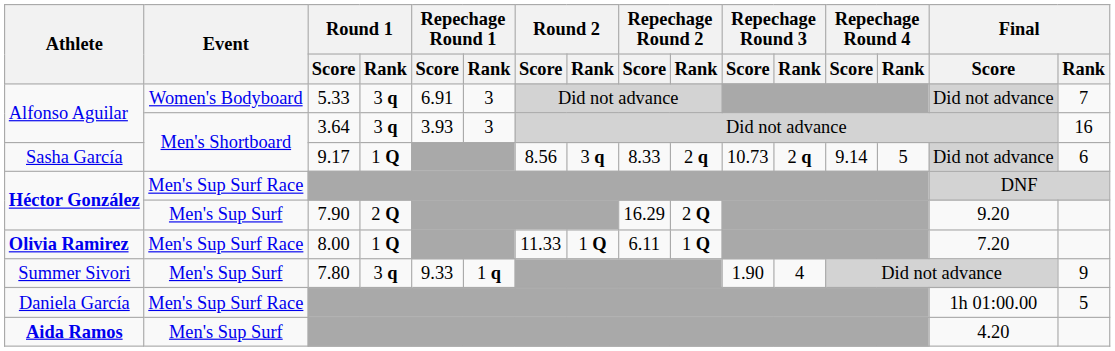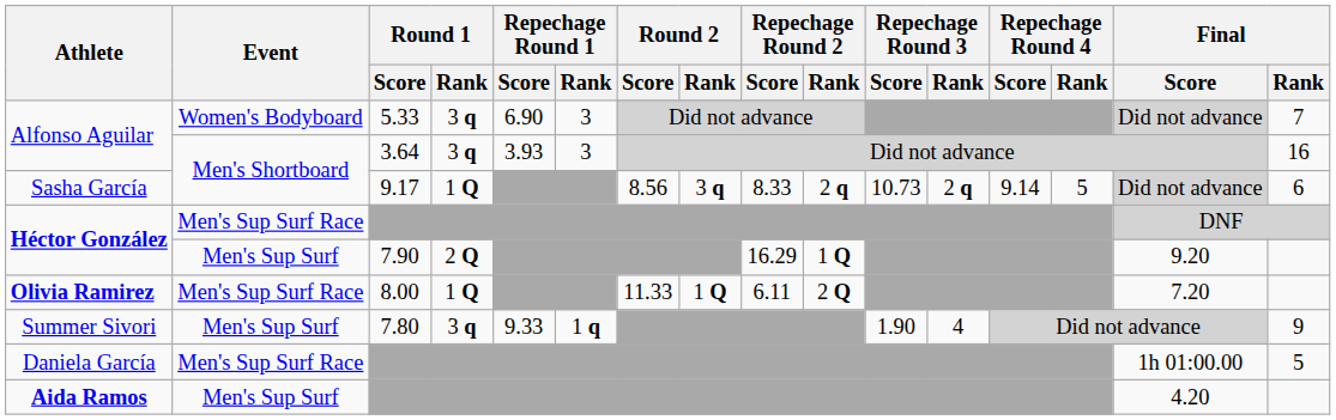 <table class="wikitable">
 <tr>
 <th rowspan="2">Athlete</th>
 <th rowspan="2">Event</th>
 <th colspan="2">Round 1</th>
 <th colspan="2">Repechage<br>Round 1</th>
 <th colspan="2">Round 2</th>
 <th colspan="2">Repechage<br>Round 2</th>
 <th colspan="2">Repechage<br>Round 3</th>
 <th colspan="2">Repechage<br>Round 4</th>
 <th colspan="2">Final</th>
 </tr>
 <tr>
 <th>Score</th>
 <th>Rank</th>
 <th>Score</th>
 <th>Rank</th>
 <th>Score</th>
 <th>Rank</th>
 <th>Score</th>
 <th>Rank</th>
 <th>Score</th>
 <th>Rank</th>
 <th>Score</th>
 <th>Rank</th>
 <th>Score</th>
 <th>Rank</th>
 </tr>
 <tr align="center">
 <td rowspan="2" align="left"><a href='#'>Alfonso Aguilar</a></td>
 <td><a href='#'>Women's Bodyboard</a></td>
 <td>5.33</td>
 <td>3 <strong>q</strong></td>
-<td>6.91</td>
+<td>6.90</td>
 <td>3</td>
 <td colspan="4" ; style="background: #D3D3D3">Did not advance</td>
 <td colspan="4" ; style="background: #A9A9A9"></td>
 <td style="background: #D3D3D3">Did not advance</td>
 <td>7</td>
 </tr>
 <tr align="center">
 <td rowspan="2"><a href='#'>Men's Shortboard</a></td>
 <td>3.64</td>
 <td>3 <strong>q</strong></td>
 <td>3.93</td>
 <td>3</td>
 <td colspan="9" ; style="background: #D3D3D3">Did not advance</td>
 <td>16</td>
 </tr>
 <tr align="center">
 <td><a href='#'>Sasha García</a></td>
 <td>9.17</td>
 <td>1 <strong>Q</strong></td>
 <td colspan="2" ; style="background: #A9A9A9"></td>
 <td>8.56</td>
 <td>3 <strong>q</strong></td>
 <td>8.33</td>
 <td>2 <strong>q</strong></td>
 <td>10.73</td>
 <td>2 <strong>q</strong></td>
 <td>9.14</td>
 <td>5</td>
 <td style="background: #D3D3D3">Did not advance</td>
 <td>6</td>
 </tr>
 <tr align="center">
 <td rowspan="2"><a href='#'><strong>Héctor González</strong></a></td>
 <td><a href='#'>Men's Sup Surf Race</a></td>
 <td colspan="12" ; style="background: #A9A9A9"></td>
 <td colspan="2" ; style="background: #D3D3D3">DNF</td>
 </tr>
 <tr align="center">
 <td><a href='#'>Men's Sup Surf</a></td>
 <td>7.90</td>
 <td>2 <strong>Q</strong></td>
 <td colspan="4" ; style="background: #A9A9A9"></td>
 <td>16.29</td>
-<td>2 <strong>Q</strong></td>
+<td>1 <strong>Q</strong></td>
 <td colspan="4" ; style="background: #A9A9A9"></td>
 <td>9.20</td>
 <td></td>
 </tr>
 <tr align="center">
 <td align="left"><strong><a href='#'>Olivia Ramirez</a></strong></td>
 <td><a href='#'>Men's Sup Surf Race</a></td>
 <td>8.00</td>
 <td>1 <strong>Q</strong></td>
 <td colspan="2" ; style="background: #A9A9A9"></td>
 <td>11.33</td>
 <td>1 <strong>Q</strong></td>
 <td>6.11</td>
-<td>1 <strong>Q</strong></td>
+<td>2 <strong>Q</strong></td>
 <td colspan="4" ; style="background: #A9A9A9"></td>
 <td>7.20</td>
 <td></td>
 </tr>
 <tr align="center">
 <td><a href='#'>Summer Sivori</a></td>
 <td><a href='#'>Men's Sup Surf</a></td>
 <td>7.80</td>
 <td>3 <strong>q</strong></td>
 <td>9.33</td>
 <td>1 <strong>q</strong></td>
 <td colspan="4" ; style="background: #A9A9A9"></td>
 <td>1.90</td>
 <td>4</td>
 <td colspan="3" ; style="background: #D3D3D3">Did not advance</td>
 <td>9</td>
 </tr>
 <tr align="center">
 <td><a href='#'>Daniela García</a></td>
 <td><a href='#'>Men's Sup Surf Race</a></td>
 <td colspan="12" ; style="background: #A9A9A9"></td>
 <td>1h 01:00.00</td>
 <td>5</td>
 </tr>
 <tr align="center">
 <td><strong><a href='#'>Aida Ramos</a></strong></td>
 <td><a href='#'>Men's Sup Surf</a></td>
 <td colspan="12" ; style="background: #A9A9A9"></td>
 <td>4.20</td>
 <td></td>
 </tr>
 </table>
